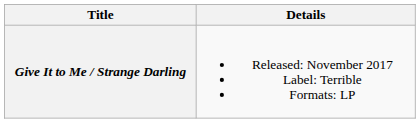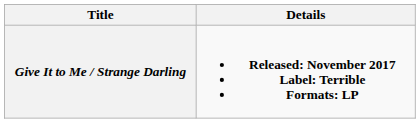 <table class="wikitable plainrowheaders" style="text-align:center;">
 <tr>
 <th scope="col" style="width:14em;">Title</th>
 <th scope="col" style="width:16em;">Details</th>
 </tr>
 <tr>
 <th scope="row"><em>Give It to Me / Strange Darling</em></th>
-<td><br><ul><li>Released: November 2017</li><li>Label: Terrible</li><li>Formats: LP</li></ul></td>
+<td><strong><br><ul><li>Released: November 2017</li><li>Label: Terrible</li><li>Formats: LP</li></ul></strong></td>
 </tr>
 </table>
